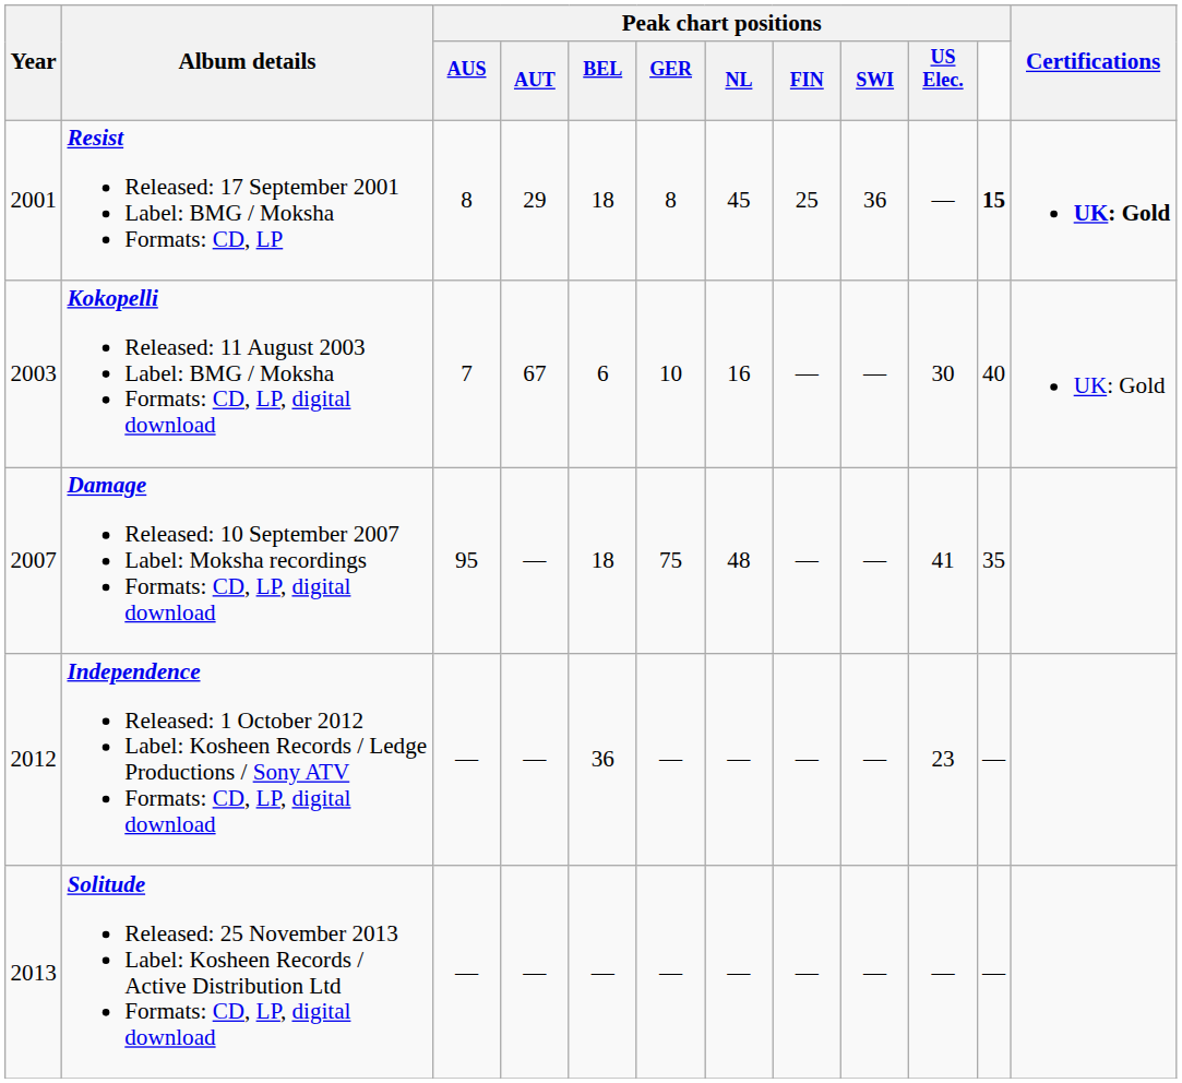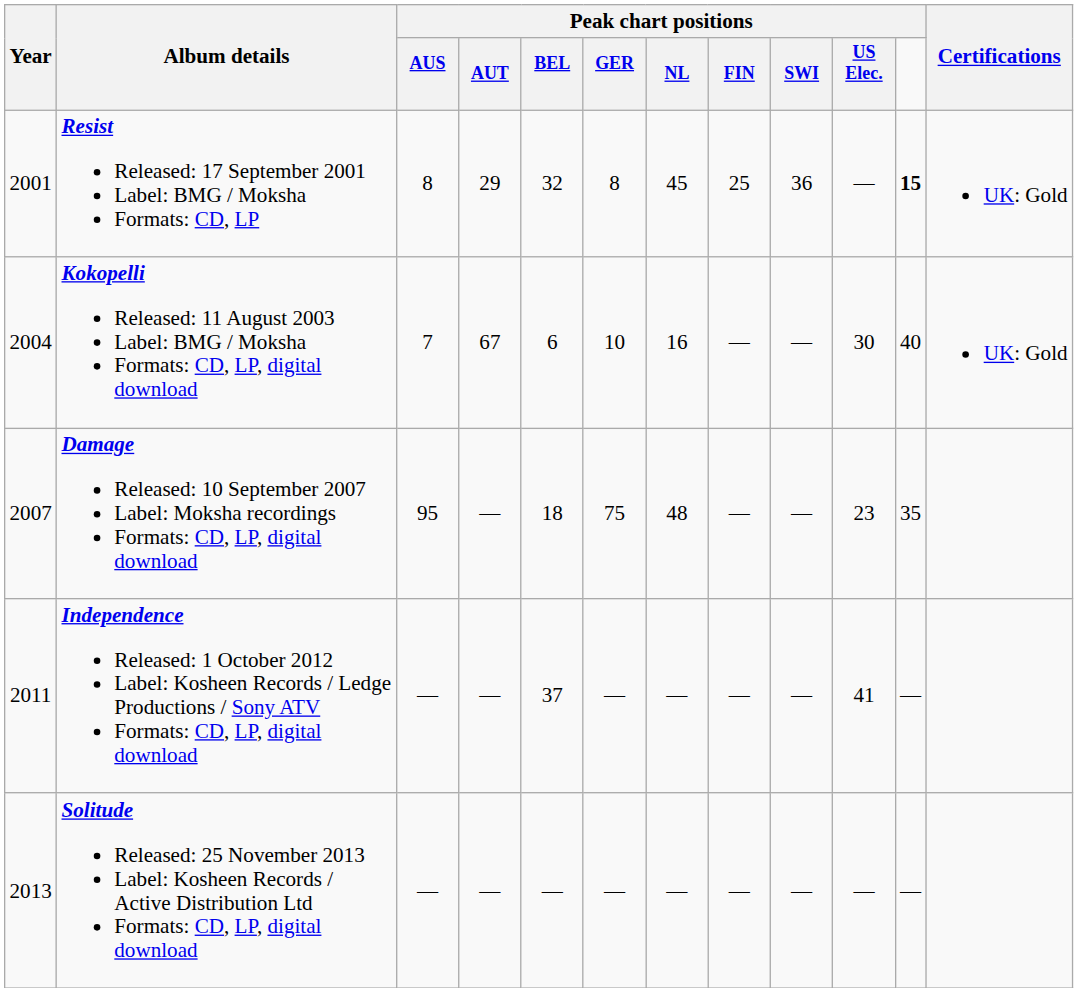 <table class="wikitable" style="text-align:center;">
 <tr>
 <th rowspan="2">Year</th>
 <th rowspan="2" style="width:250px;">Album details</th>
 <th colspan="9">Peak chart positions</th>
 <th rowspan="2"><a href='#'>Certifications</a></th>
 </tr>
 <tr>
 <th style="width:3em;font-size:85%;"><a href='#'>AUS</a><br><br></th>
 <th style="width:3em;font-size:85%"><a href='#'>AUT</a><br></th>
 <th style="width:3em;font-size:85%;"><a href='#'>BEL</a><br><br></th>
 <th style="width:3em;font-size:85%;"><a href='#'>GER</a><br><br></th>
 <th style="width:3em;font-size:85%"><a href='#'>NL</a><br></th>
 <th style="width:3em;font-size:85%"><a href='#'>FIN</a><br></th>
 <th style="width:3em;font-size:85%"><a href='#'>SWI</a><br></th>
 <th style="width:3em;font-size:85%;"><a href='#'>US Elec.</a><br><br></th>
 </tr>
 <tr>
 <td style="text-align:center;">2001</td>
 <td align="left"><strong><em><a href='#'>Resist</a></em></strong><br><ul><li>Released: 17 September 2001</li><li>Label: BMG / Moksha</li><li>Formats: <a href='#'>CD</a>, <a href='#'>LP</a></li></ul></td>
 <td style="text-align:center;">8</td>
 <td style="text-align:center;">29</td>
-<td style="text-align:center;">18</td>
+<td style="text-align:center;">32</td>
 <td style="text-align:center;">8</td>
 <td style="text-align:center;">45</td>
 <td style="text-align:center;">25</td>
 <td style="text-align:center;">36</td>
 <td style="text-align:center;">—</td>
 <td style="text-align:center;"><strong>15</strong></td>
-<td align="left"><strong><br><ul><li><a href='#'>UK</a>: Gold</li></ul></strong></td>
+<td align="left"><br><ul><li><a href='#'>UK</a>: Gold</li></ul></td>
 </tr>
 <tr>
-<td style="text-align:center;">2003</td>
+<td style="text-align:center;">2004</td>
 <td align="left"><strong><em><a href='#'>Kokopelli</a></em></strong><br><ul><li>Released: 11 August 2003</li><li>Label: BMG / Moksha</li><li>Formats: <a href='#'>CD</a>, <a href='#'>LP</a>, <a href='#'>digital download</a></li></ul></td>
 <td style="text-align:center;">7</td>
 <td style="text-align:center;">67</td>
 <td style="text-align:center;">6</td>
 <td style="text-align:center;">10</td>
 <td style="text-align:center;">16</td>
 <td style="text-align:center;">—</td>
 <td style="text-align:center;">—</td>
 <td style="text-align:center;">30</td>
 <td style="text-align:center;">40</td>
 <td align="left"><br><ul><li><a href='#'>UK</a>: Gold</li></ul></td>
 </tr>
 <tr>
 <td style="text-align:center;">2007</td>
 <td align="left"><strong><em><a href='#'>Damage</a></em></strong><br><ul><li>Released: 10 September 2007</li><li>Label: Moksha recordings</li><li>Formats: <a href='#'>CD</a>, <a href='#'>LP</a>, <a href='#'>digital download</a></li></ul></td>
 <td style="text-align:center;">95</td>
 <td style="text-align:center;">—</td>
 <td style="text-align:center;">18</td>
 <td style="text-align:center;">75</td>
 <td style="text-align:center;">48</td>
 <td style="text-align:center;">—</td>
 <td style="text-align:center;">—</td>
-<td style="text-align:center;">41</td>
+<td style="text-align:center;">23</td>
 <td style="text-align:center;">35</td>
 <td></td>
 </tr>
 <tr>
-<td style="text-align:center;">2012</td>
+<td style="text-align:center;">2011</td>
 <td align="left"><strong><em><a href='#'>Independence</a></em></strong><br><ul><li>Released: 1 October 2012</li><li>Label: Kosheen Records / Ledge Productions / <a href='#'>Sony ATV</a></li><li>Formats: <a href='#'>CD</a>, <a href='#'>LP</a>, <a href='#'>digital download</a></li></ul></td>
 <td style="text-align:center;">—</td>
 <td style="text-align:center;">—</td>
-<td style="text-align:center;">36</td>
+<td style="text-align:center;">37</td>
 <td style="text-align:center;">—</td>
 <td style="text-align:center;">—</td>
 <td style="text-align:center;">—</td>
 <td style="text-align:center;">—</td>
-<td style="text-align:center;">23</td>
+<td style="text-align:center;">41</td>
 <td style="text-align:center;">—</td>
 <td></td>
 </tr>
 <tr>
 <td style="text-align:center;">2013</td>
 <td align="left"><strong><em><a href='#'>Solitude</a></em></strong><br><ul><li>Released: 25 November 2013</li><li>Label: Kosheen Records / Active Distribution Ltd</li><li>Formats: <a href='#'>CD</a>, <a href='#'>LP</a>, <a href='#'>digital download</a></li></ul></td>
 <td style="text-align:center;">—</td>
 <td style="text-align:center;">—</td>
 <td style="text-align:center;">—</td>
 <td style="text-align:center;">—</td>
 <td style="text-align:center;">—</td>
 <td style="text-align:center;">—</td>
 <td style="text-align:center;">—</td>
 <td style="text-align:center;">—</td>
 <td style="text-align:center;">—</td>
 <td></td>
 </tr>
 </table>
